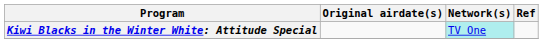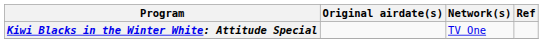 <table class="wikitable plainrowheaders sortable">
 <tr>
 <th scope="col">Program</th>
 <th scope="col">Original airdate(s)</th>
 <th scope="col">Network(s)</th>
 <th scope="col" class="unsortable">Ref</th>
 </tr>
 <tr>
 <th scope="row"><em><a href='#'>Kiwi Blacks in the Winter White</a>: Attitude Special</em></th>
 <td></td>
-<td style="background: paleturquoise;"><a href='#'>TV One</a></td>
+<td><a href='#'>TV One</a></td>
 <td></td>
 </tr>
 <tr>
 </tr>
 </table>
